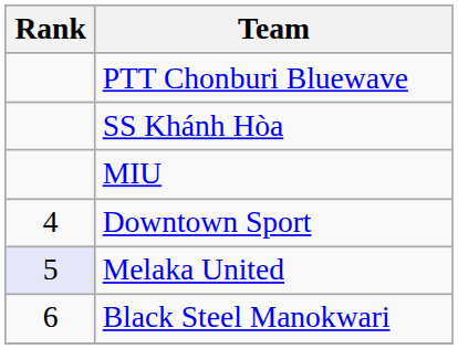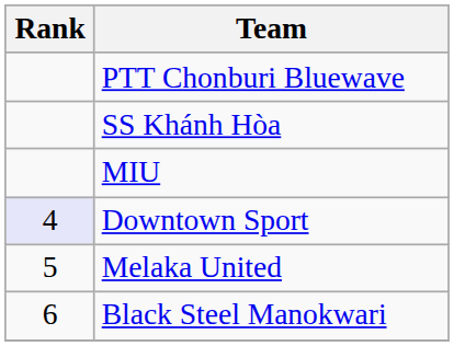 <table class="wikitable" style="text-align: center;">
 <tr>
 <th width=40>Rank</th>
 <th width=180>Team</th>
 </tr>
 <tr align=center>
 <td></td>
 <td style="text-align:left;"> <a href='#'>PTT Chonburi Bluewave</a></td>
 </tr>
 <tr align=center>
 <td></td>
 <td style="text-align:left;"> <a href='#'>SS Khánh Hòa</a></td>
 </tr>
 <tr align=center>
 <td></td>
 <td style="text-align:left;"> <a href='#'>MIU</a></td>
 </tr>
 <tr align=center>
-<td>4</td>
+<td style="background: lavender;">4</td>
 <td style="text-align:left;"> <a href='#'>Downtown Sport</a></td>
 </tr>
 <tr align=center>
-<td style="background: lavender;">5</td>
+<td>5</td>
 <td style="text-align:left;"> <a href='#'>Melaka United</a></td>
 </tr>
 <tr align=center>
 <td>6</td>
 <td style="text-align:left;"> <a href='#'>Black Steel Manokwari</a></td>
 </tr>
 <tr align=center>
 </tr>
 </table>
